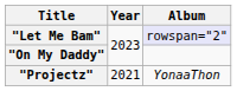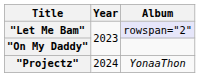 <table class="wikitable plainrowheaders" style="text-align:center;">
 <tr>
 <th scope="col">Title</th>
 <th scope="col">Year</th>
 <th scope="col">Album</th>
 </tr>
 <tr>
 <th scope="row">"Let Me Bam"<br></th>
 <td rowspan="2">2023</td>
 <td style="background: lavender;">rowspan="2" </td>
 </tr>
 <tr>
 <th scope="row">"On My Daddy"<br></th>
 </tr>
 <tr>
 <th scope="row">"Projectz"<br></th>
-<td>2021</td>
+<td>2024</td>
 <td><em>YonaaThon</em></td>
 </tr>
 </table>
